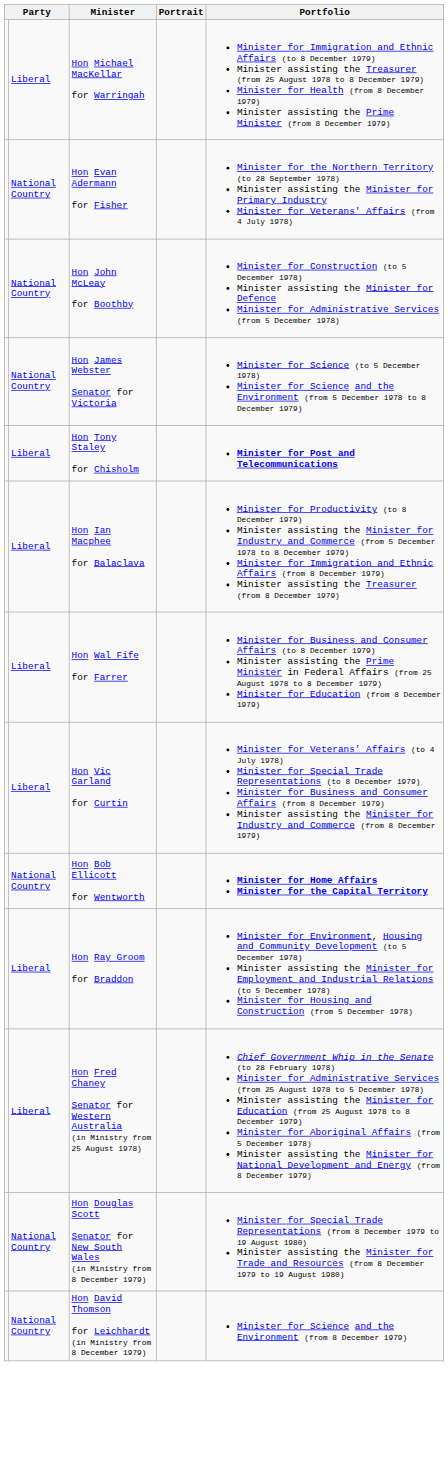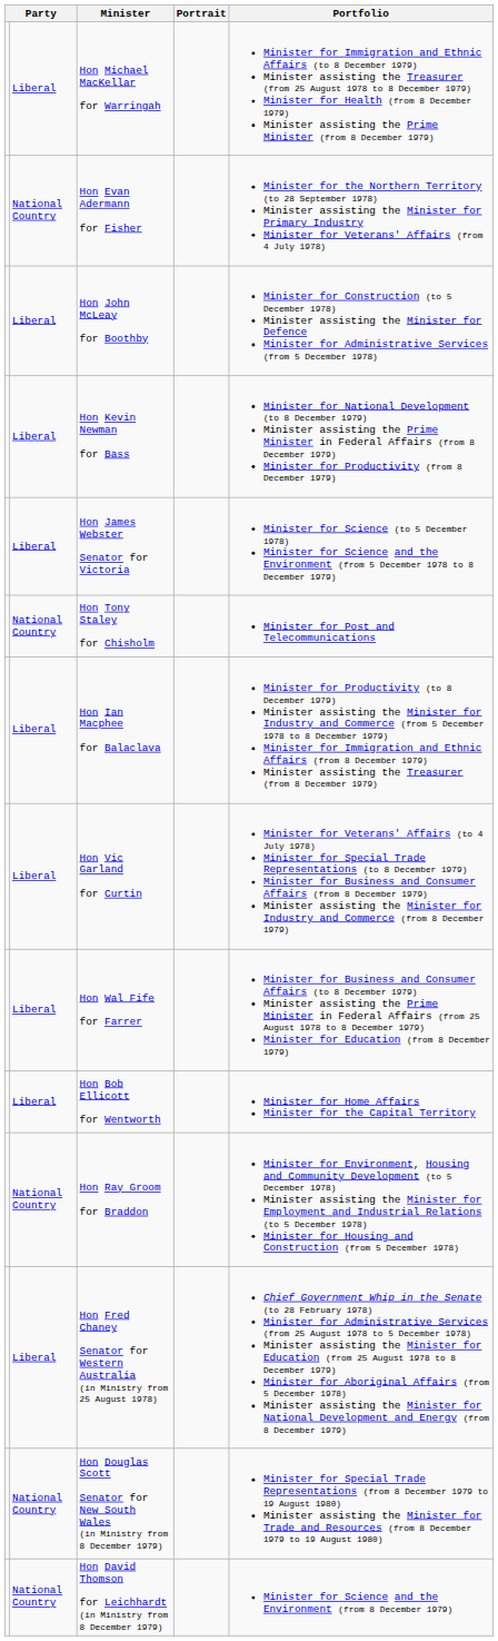 <table class="wikitable sortable">
 <tr>
 <th colspan="2">Party</th>
 <th>Minister</th>
 <th>Portrait</th>
 <th>Portfolio</th>
 </tr>
 <tr>
 <td></td>
 <td><a href='#'>Liberal</a></td>
 <td><a href='#'>Hon</a> <a href='#'>Michael MacKellar</a> <br><br> for <a href='#'>Warringah</a> <br></td>
 <td></td>
 <td><br><ul><li><a href='#'>Minister for Immigration and Ethnic Affairs</a> <small>(to 8 December 1979)</small></li><li>Minister assisting the <a href='#'>Treasurer</a> <small>(from 25 August 1978 to 8 December 1979)</small></li><li><a href='#'>Minister for Health</a> <small>(from 8 December 1979)</small></li><li>Minister assisting the <a href='#'>Prime Minister</a> <small>(from 8 December 1979)</small></li></ul></td>
 </tr>
 <tr>
 <td></td>
 <td><a href='#'>National Country</a></td>
 <td><a href='#'>Hon</a> <a href='#'>Evan Adermann</a> <br><br> for <a href='#'>Fisher</a> <br></td>
 <td></td>
 <td><br><ul><li><a href='#'>Minister for the Northern Territory</a> <small>(to 28 September 1978)</small></li><li>Minister assisting the <a href='#'>Minister for Primary Industry</a></li><li><a href='#'>Minister for Veterans' Affairs</a> <small>(from 4 July 1978)</small></li></ul></td>
 </tr>
 <tr>
 <td></td>
-<td><a href='#'>National Country</a></td>
+<td><a href='#'>Liberal</a></td>
 <td><a href='#'>Hon</a> <a href='#'>John McLeay</a> <br><br> for <a href='#'>Boothby</a> <br></td>
 <td></td>
 <td><br><ul><li><a href='#'>Minister for Construction</a> <small>(to 5 December 1978)</small></li><li>Minister assisting the <a href='#'>Minister for Defence</a></li><li><a href='#'>Minister for Administrative Services</a> <small>(from 5 December 1978)</small></li></ul></td>
 </tr>
 <tr>
 <td></td>
-<td><a href='#'>National Country</a></td>
+<td><a href='#'>Liberal</a></td>
+<td><a href='#'>Hon</a> <a href='#'>Kevin Newman</a> <br><br> for <a href='#'>Bass</a> <br></td>
+<td></td>
+<td><br><ul><li><a href='#'>Minister for National Development</a> <small>(to 8 December 1979)</small></li><li>Minister assisting the <a href='#'>Prime Minister</a> in Federal Affairs <small>(from 8 December 1979)</small></li><li><a href='#'>Minister for Productivity</a> <small>(from 8 December 1979)</small></li></ul></td>
+</tr>
+<tr>
+<td></td>
+<td><a href='#'>Liberal</a></td>
 <td><a href='#'>Hon</a> <a href='#'>James Webster</a> <br><br><a href='#'>Senator</a> for <a href='#'>Victoria</a> <br></td>
 <td></td>
 <td><br><ul><li><a href='#'>Minister for Science</a> <small>(to 5 December 1978)</small></li><li><a href='#'>Minister for Science</a> <a href='#'>and the Environment</a> <small>(from 5 December 1978 to 8 December 1979)</small></li></ul></td>
 </tr>
 <tr>
 <td></td>
-<td><a href='#'>Liberal</a></td>
+<td><a href='#'>National Country</a></td>
 <td><a href='#'>Hon</a> <a href='#'>Tony Staley</a> <br><br> for <a href='#'>Chisholm</a> <br></td>
 <td></td>
-<td><strong><br><ul><li><a href='#'>Minister for Post and Telecommunications</a></li></ul></strong></td>
+<td><br><ul><li><a href='#'>Minister for Post and Telecommunications</a></li></ul></td>
 </tr>
 <tr>
 <td></td>
 <td><a href='#'>Liberal</a></td>
 <td><a href='#'>Hon</a> <a href='#'>Ian Macphee</a> <br><br> for <a href='#'>Balaclava</a> <br></td>
 <td></td>
 <td><br><ul><li><a href='#'>Minister for Productivity</a> <small>(to 8 December 1979)</small></li><li>Minister assisting the <a href='#'>Minister for Industry and Commerce</a> <small>(from 5 December 1978 to 8 December 1979)</small></li><li><a href='#'>Minister for Immigration and Ethnic Affairs</a> <small>(from 8 December 1979)</small></li><li>Minister assisting the <a href='#'>Treasurer</a> <small>(from 8 December 1979)</small></li></ul></td>
 </tr>
 <tr>
 <td></td>
 <td><a href='#'>Liberal</a></td>
+<td><a href='#'>Hon</a> <a href='#'>Vic Garland</a> <br><br> for <a href='#'>Curtin</a> <br></td>
+<td></td>
+<td><br><ul><li><a href='#'>Minister for Veterans' Affairs</a> <small>(to 4 July 1978)</small></li><li><a href='#'>Minister for Special Trade Representations</a> <small>(to 8 December 1979)</small></li><li><a href='#'>Minister for Business and Consumer Affairs</a> <small>(from 8 December 1979)</small></li><li>Minister assisting the <a href='#'>Minister for Industry and Commerce</a> <small>(from 8 December 1979)</small></li></ul></td>
+</tr>
+<tr>
+<td></td>
+<td><a href='#'>Liberal</a></td>
 <td><a href='#'>Hon</a> <a href='#'>Wal Fife</a> <br><br> for <a href='#'>Farrer</a> <br></td>
 <td></td>
 <td><br><ul><li><a href='#'>Minister for Business and Consumer Affairs</a> <small>(to 8 December 1979)</small></li><li>Minister assisting the <a href='#'>Prime Minister</a> in Federal Affairs <small>(from 25 August 1978 to 8 December 1979)</small></li><li><a href='#'>Minister for Education</a> <small>(from 8 December 1979)</small></li></ul></td>
 </tr>
 <tr>
 <td></td>
 <td><a href='#'>Liberal</a></td>
-<td><a href='#'>Hon</a> <a href='#'>Vic Garland</a> <br><br> for <a href='#'>Curtin</a> <br></td>
+<td><a href='#'>Hon</a> <a href='#'>Bob Ellicott</a>  <br><br> for <a href='#'>Wentworth</a> <br></td>
 <td></td>
-<td><br><ul><li><a href='#'>Minister for Veterans' Affairs</a> <small>(to 4 July 1978)</small></li><li><a href='#'>Minister for Special Trade Representations</a> <small>(to 8 December 1979)</small></li><li><a href='#'>Minister for Business and Consumer Affairs</a> <small>(from 8 December 1979)</small></li><li>Minister assisting the <a href='#'>Minister for Industry and Commerce</a> <small>(from 8 December 1979)</small></li></ul></td>
+<td><br><ul><li><a href='#'>Minister for Home Affairs</a></li><li><a href='#'>Minister for the Capital Territory</a></li></ul></td>
 </tr>
 <tr>
 <td></td>
 <td><a href='#'>National Country</a></td>
-<td><a href='#'>Hon</a> <a href='#'>Bob Ellicott</a>  <br><br> for <a href='#'>Wentworth</a> <br></td>
-<td></td>
-<td><strong><br><ul><li><a href='#'>Minister for Home Affairs</a></li><li><a href='#'>Minister for the Capital Territory</a></li></ul></strong></td>
-</tr>
-<tr>
-<td></td>
-<td><a href='#'>Liberal</a></td>
 <td><a href='#'>Hon</a> <a href='#'>Ray Groom</a> <br><br> for <a href='#'>Braddon</a> <br></td>
 <td></td>
 <td><br><ul><li><a href='#'>Minister for Environment</a>, <a href='#'>Housing and Community Development</a> <small>(to 5 December 1978)</small></li><li>Minister assisting the <a href='#'>Minister for Employment and Industrial Relations</a> <small>(to 5 December 1978)</small></li><li><a href='#'>Minister for Housing and Construction</a> <small>(from 5 December 1978)</small></li></ul></td>
 </tr>
 <tr>
 <td></td>
 <td><a href='#'>Liberal</a></td>
 <td><a href='#'>Hon</a> <a href='#'>Fred Chaney</a> <br><br><a href='#'>Senator</a> for <a href='#'>Western Australia</a> <br> <small>(in Ministry from 25 August 1978)</small></td>
 <td></td>
 <td><br><ul><li><em><a href='#'>Chief Government Whip in the Senate</a></em> <small>(to 28 February 1978)</small></li><li><a href='#'>Minister for Administrative Services</a> <small>(from 25 August 1978 to 5 December 1978)</small></li><li>Minister assisting the <a href='#'>Minister for Education</a> <small>(from 25 August 1978 to 8 December 1979)</small></li><li><a href='#'>Minister for Aboriginal Affairs</a> <small>(from 5 December 1978)</small></li><li>Minister assisting the <a href='#'>Minister for National Development and Energy</a> <small>(from 8 December 1979)</small></li></ul></td>
 </tr>
 <tr>
 <td></td>
 <td><a href='#'>National Country</a></td>
 <td><a href='#'>Hon</a> <a href='#'>Douglas Scott</a> <br><br><a href='#'>Senator</a> for <a href='#'>New South Wales</a> <br> <small>(in Ministry from 8 December 1979)</small></td>
 <td></td>
 <td><br><ul><li><a href='#'>Minister for Special Trade Representations</a> <small>(from 8 December 1979 to 19 August 1980)</small></li><li>Minister assisting the <a href='#'>Minister for Trade and Resources</a> <small>(from 8 December 1979 to 19 August 1980)</small></li></ul></td>
 </tr>
 <tr>
 <td></td>
 <td><a href='#'>National Country</a></td>
 <td><a href='#'>Hon</a> <a href='#'>David Thomson</a>  <br><br> for <a href='#'>Leichhardt</a> <br> <small>(in Ministry from 8 December 1979)</small></td>
 <td></td>
 <td><br><ul><li><a href='#'>Minister for Science</a> <a href='#'>and the Environment</a> <small>(from 8 December 1979)</small></li></ul></td>
 </tr>
 </table>
